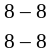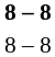 <table style="text-align:center">
 <tr>
 <th width=200></th>
 <th width=100></th>
 <th width=200></th>
 </tr>
 <tr>
 <td align=right></td>
-<td>8 – 8</td>
+<td><strong>8 – 8</strong></td>
 <td align=left></td>
 </tr>
 <tr>
 <td align=right></td>
 <td>8 – 8</td>
 <td align=left></td>
 </tr>
 </table>
